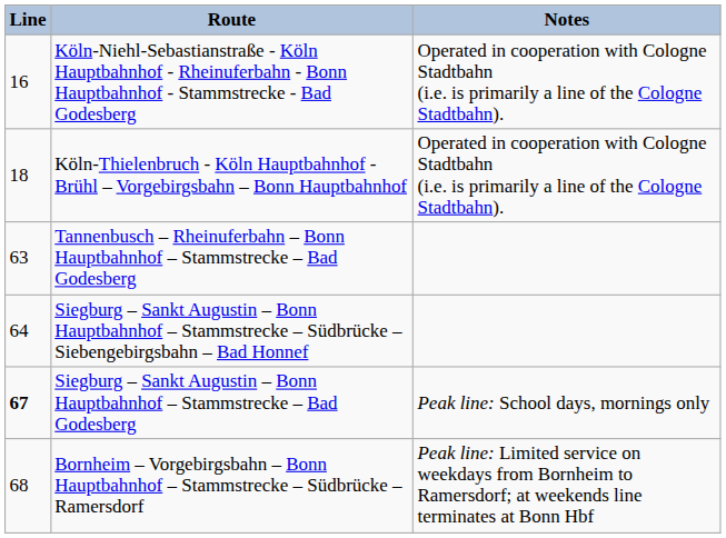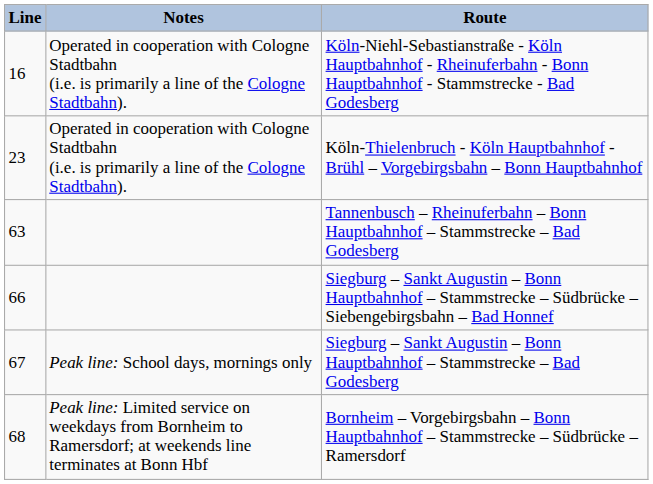 <table class="wikitable">
 <tr>
 <th style="background: lightsteelblue;">Line</th>
+<th style="background: lightsteelblue;">Notes</th>
 <th style="background: lightsteelblue;">Route</th>
-<th style="background: lightsteelblue;">Notes</th>
 </tr>
 <tr>
 <td style="background-color:#">16</td>
+<td>Operated in cooperation with Cologne Stadtbahn<br>(i.e. is primarily a line of the <a href='#'>Cologne Stadtbahn</a>).</td>
 <td><a href='#'>Köln</a>-Niehl-Sebastianstraße - <a href='#'>Köln Hauptbahnhof</a> - <a href='#'>Rheinuferbahn</a> - <a href='#'>Bonn Hauptbahnhof</a> - Stammstrecke - <a href='#'>Bad Godesberg</a></td>
-<td>Operated in cooperation with Cologne Stadtbahn<br>(i.e. is primarily a line of the <a href='#'>Cologne Stadtbahn</a>).</td>
 </tr>
 <tr>
-<td style="background-color:#">18</td>
+<td style="background-color:#">23</td>
+<td>Operated in cooperation with Cologne Stadtbahn<br>(i.e. is primarily a line of the <a href='#'>Cologne Stadtbahn</a>).</td>
 <td>Köln-<a href='#'>Thielenbruch</a> - <a href='#'>Köln Hauptbahnhof</a> - <a href='#'>Brühl</a> – <a href='#'>Vorgebirgsbahn</a> – <a href='#'>Bonn Hauptbahnhof</a></td>
-<td>Operated in cooperation with Cologne Stadtbahn<br>(i.e. is primarily a line of the <a href='#'>Cologne Stadtbahn</a>).</td>
 </tr>
 <tr>
 <td style="background-color:#">63</td>
+<td> </td>
 <td><a href='#'>Tannenbusch</a> – <a href='#'>Rheinuferbahn</a> – <a href='#'>Bonn Hauptbahnhof</a> – Stammstrecke – <a href='#'>Bad Godesberg</a></td>
-<td> </td>
 </tr>
 <tr>
-<td style="background-color:#">64</td>
+<td style="background-color:#">66</td>
+<td></td>
 <td><a href='#'>Siegburg</a> – <a href='#'>Sankt Augustin</a> – <a href='#'>Bonn Hauptbahnhof</a> – Stammstrecke – Südbrücke – Siebengebirgsbahn – <a href='#'>Bad Honnef</a></td>
-<td></td>
 </tr>
 <tr>
-<td style="background-color:#"><strong>67</strong></td>
+<td style="background-color:#">67</td>
+<td><em>Peak line:</em>  School days, mornings only</td>
 <td><a href='#'>Siegburg</a> –  <a href='#'>Sankt Augustin</a> – <a href='#'>Bonn Hauptbahnhof</a> – Stammstrecke – <a href='#'>Bad Godesberg</a></td>
-<td><em>Peak line:</em>  School days, mornings only</td>
 </tr>
 <tr>
 <td style="background-color:#">68</td>
+<td><em>Peak line:</em> Limited service on weekdays from Bornheim to Ramersdorf; at weekends line terminates at Bonn Hbf</td>
 <td><a href='#'>Bornheim</a> – Vorgebirgsbahn – <a href='#'>Bonn Hauptbahnhof</a> – Stammstrecke – Südbrücke – Ramersdorf</td>
-<td><em>Peak line:</em> Limited service on weekdays from Bornheim to Ramersdorf; at weekends line terminates at Bonn Hbf</td>
 </tr>
 </table>
